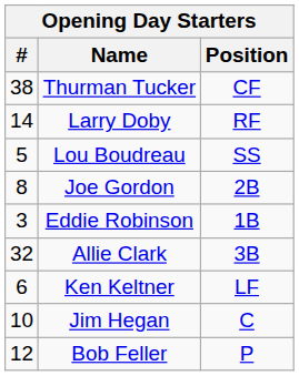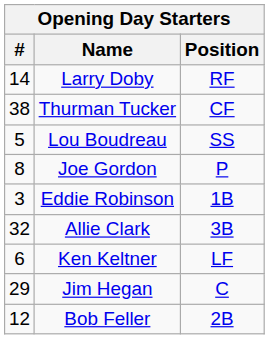 <table class="wikitable" style="text-align:center">
 <tr>
 <th colspan="3">Opening Day Starters</th>
 </tr>
 <tr>
 <th>#</th>
 <th>Name</th>
 <th>Position</th>
 </tr>
 <tr>
+<td>14</td>
+<td><a href='#'>Larry Doby</a></td>
+<td><a href='#'>RF</a></td>
+</tr>
+<tr>
 <td>38</td>
 <td><a href='#'>Thurman Tucker</a></td>
 <td><a href='#'>CF</a></td>
-</tr>
-<tr>
-<td>14</td>
-<td><a href='#'>Larry Doby</a></td>
-<td><a href='#'>RF</a></td>
 </tr>
 <tr>
 <td>5</td>
 <td><a href='#'>Lou Boudreau</a></td>
 <td><a href='#'>SS</a></td>
 </tr>
 <tr>
 <td>8</td>
 <td><a href='#'>Joe Gordon</a></td>
-<td><a href='#'>2B</a></td>
+<td><a href='#'>P</a></td>
 </tr>
 <tr>
 <td>3</td>
 <td><a href='#'>Eddie Robinson</a></td>
 <td><a href='#'>1B</a></td>
 </tr>
 <tr>
 <td>32</td>
 <td><a href='#'>Allie Clark</a></td>
 <td><a href='#'>3B</a></td>
 </tr>
 <tr>
 <td>6</td>
 <td><a href='#'>Ken Keltner</a></td>
 <td><a href='#'>LF</a></td>
 </tr>
 <tr>
-<td>10</td>
+<td>29</td>
 <td><a href='#'>Jim Hegan</a></td>
 <td><a href='#'>C</a></td>
 </tr>
 <tr>
 <td>12</td>
 <td><a href='#'>Bob Feller</a></td>
-<td><a href='#'>P</a></td>
+<td><a href='#'>2B</a></td>
 </tr>
 </table>
